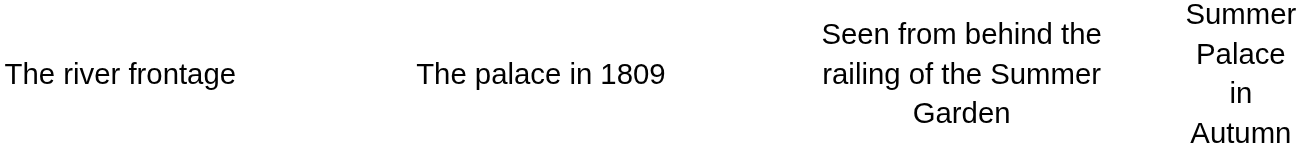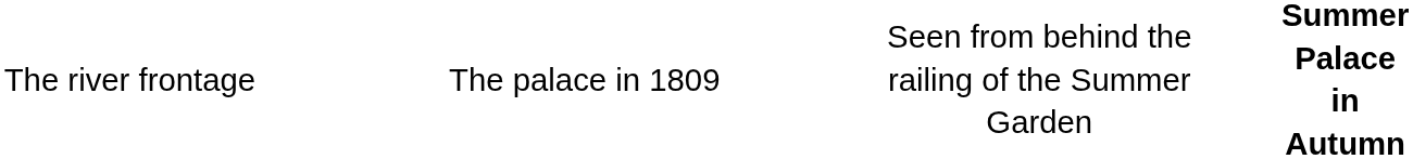 <table class="graytable" style="margin:1em auto;">
 <tr>
 <td style="width:29%;"></td>
 <td style="width:5%;"></td>
 <td style="width:29%;"></td>
 <td style="width:5%;"></td>
 <td style="width:29%;"></td>
 <td style="width:5%;"></td>
 <td style="width:5%;"></td>
 <td style="width:5%;"></td>
 </tr>
 <tr>
 <td style="text-align:center;"><small>The river frontage</small></td>
 <td></td>
 <td style="text-align:center;"><small>The palace in 1809</small></td>
 <td></td>
 <td style="text-align:center;"><small>Seen from behind the railing of the Summer Garden</small></td>
 <td></td>
-<td style="text-align:center;"><small>Summer Palace in Autumn</small></td>
+<td style="text-align:center;"><strong><small>Summer Palace in Autumn</small></strong></td>
 </tr>
 </table>
